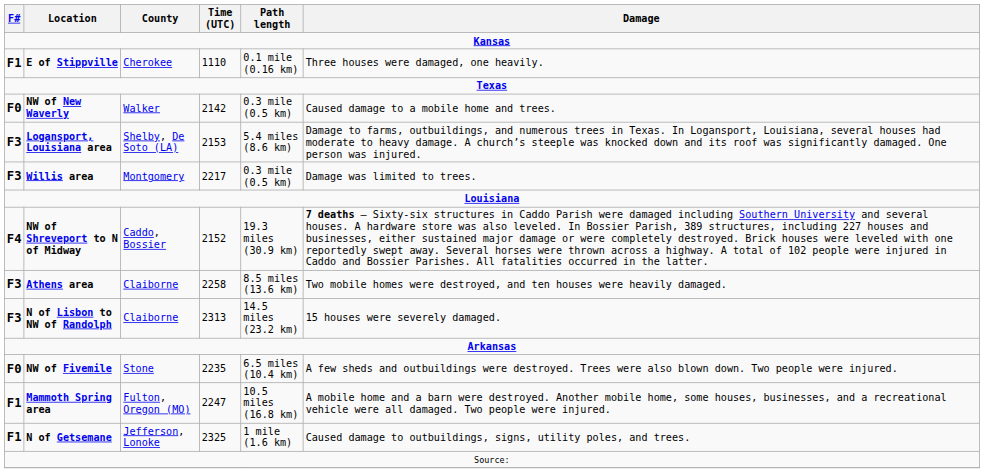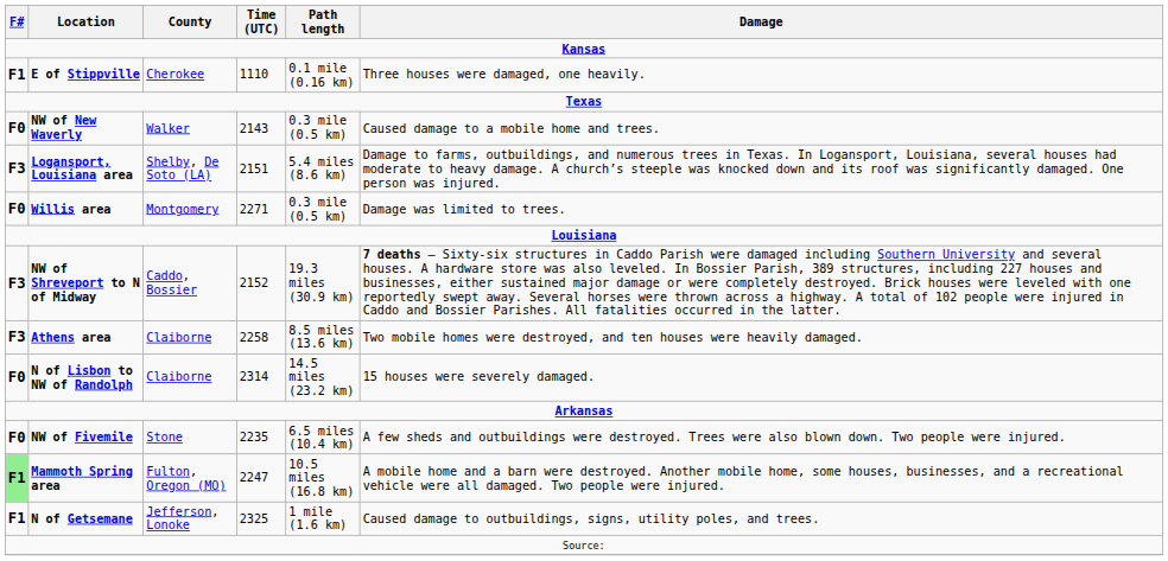 <table class="wikitable">
 <tr>
 <th><strong><a href='#'>F#</a></strong></th>
 <th><strong>Location</strong></th>
 <th><strong>County</strong></th>
 <th><strong>Time (UTC)</strong></th>
 <th><strong>Path length</strong></th>
 <th><strong>Damage</strong></th>
 </tr>
 <tr>
 <td colspan="7" align=center><strong><a href='#'>Kansas</a></strong></td>
 </tr>
 <tr>
 <td><big><strong>F1</strong></big></td>
 <td><strong>E of <a href='#'>Stippville</a></strong></td>
 <td><a href='#'>Cherokee</a></td>
 <td>1110</td>
 <td>0.1 mile<br>(0.16 km)</td>
 <td>Three houses were damaged, one heavily.</td>
 </tr>
 <tr>
 <td colspan="7" align=center><strong><a href='#'>Texas</a></strong></td>
 </tr>
 <tr>
 <td><big><strong>F0</strong></big></td>
 <td><strong>NW of <a href='#'>New Waverly</a></strong></td>
 <td><a href='#'>Walker</a></td>
-<td>2142</td>
+<td>2143</td>
 <td>0.3 mile<br>(0.5 km)</td>
 <td>Caused damage to a mobile home and trees.</td>
 </tr>
 <tr>
 <td><big><strong>F3</strong></big></td>
 <td><strong><a href='#'>Logansport, Louisiana</a> area</strong></td>
 <td><a href='#'>Shelby</a>, <a href='#'>De Soto (LA)</a></td>
-<td>2153</td>
+<td>2151</td>
 <td>5.4 miles<br>(8.6 km)</td>
 <td>Damage to farms, outbuildings, and numerous trees in Texas. In Logansport, Louisiana, several houses had moderate to heavy damage. A church’s steeple was knocked down and its roof was significantly damaged. One person was injured.</td>
 </tr>
 <tr>
-<td><big><strong>F3</strong></big></td>
+<td><big><strong>F0</strong></big></td>
 <td><strong><a href='#'>Willis</a> area</strong></td>
 <td><a href='#'>Montgomery</a></td>
-<td>2217</td>
+<td>2271</td>
 <td>0.3 mile<br>(0.5 km)</td>
 <td>Damage was limited to trees.</td>
 </tr>
 <tr>
 <td colspan="7" align=center><strong><a href='#'>Louisiana</a></strong></td>
 </tr>
 <tr>
-<td><big><strong>F4</strong></big></td>
+<td><big><strong>F3</strong></big></td>
 <td><strong>NW of <a href='#'>Shreveport</a> to N of Midway</strong></td>
 <td><a href='#'>Caddo</a>, <a href='#'>Bossier</a></td>
 <td>2152</td>
 <td>19.3 miles<br>(30.9 km)</td>
 <td><strong>7 deaths</strong> – Sixty-six structures in Caddo Parish were damaged including <a href='#'>Southern University</a> and several houses. A hardware store was also leveled. In Bossier Parish, 389 structures, including 227 houses and businesses, either sustained major damage or were completely destroyed. Brick houses were leveled with one reportedly swept away. Several horses were thrown across a highway. A total of 102 people were injured in Caddo and Bossier Parishes. All fatalities occurred in the latter.</td>
 </tr>
 <tr>
 <td><big><strong>F3</strong></big></td>
 <td><strong><a href='#'>Athens</a> area</strong></td>
 <td><a href='#'>Claiborne</a></td>
 <td>2258</td>
 <td>8.5 miles<br>(13.6 km)</td>
 <td>Two mobile homes were destroyed, and ten houses were heavily damaged.</td>
 </tr>
 <tr>
-<td><big><strong>F3</strong></big></td>
+<td><big><strong>F0</strong></big></td>
 <td><strong>N of <a href='#'>Lisbon</a> to NW of <a href='#'>Randolph</a></strong></td>
 <td><a href='#'>Claiborne</a></td>
-<td>2313</td>
+<td>2314</td>
 <td>14.5 miles<br>(23.2 km)</td>
 <td>15 houses were severely damaged.</td>
 </tr>
 <tr>
 <td colspan="7" align=center><strong><a href='#'>Arkansas</a></strong></td>
 </tr>
 <tr>
 <td><big><strong>F0</strong></big></td>
 <td><strong>NW of <a href='#'>Fivemile</a></strong></td>
 <td><a href='#'>Stone</a></td>
 <td>2235</td>
 <td>6.5 miles<br>(10.4 km)</td>
 <td>A few sheds and outbuildings were destroyed. Trees were also blown down. Two people were injured.</td>
 </tr>
 <tr>
-<td><big><strong>F1</strong></big></td>
+<td style="background: lightgreen;"><big><strong>F1</strong></big></td>
 <td><strong><a href='#'>Mammoth Spring</a> area</strong></td>
 <td><a href='#'>Fulton</a>, <a href='#'>Oregon (MO)</a></td>
 <td>2247</td>
 <td>10.5 miles<br>(16.8 km)</td>
 <td>A mobile home and a barn were destroyed. Another mobile home, some houses, businesses, and a recreational vehicle were all damaged. Two people were injured.</td>
 </tr>
 <tr>
 <td><big><strong>F1</strong></big></td>
 <td><strong>N of <a href='#'>Getsemane</a></strong></td>
 <td><a href='#'>Jefferson</a>, <a href='#'>Lonoke</a></td>
 <td>2325</td>
 <td>1 mile<br>(1.6 km)</td>
 <td>Caused damage to outbuildings, signs, utility  poles, and trees.</td>
 </tr>
 <tr>
 <td colspan="7" align=center><small>Source: </small></td>
 </tr>
 <tr>
 </tr>
 </table>
